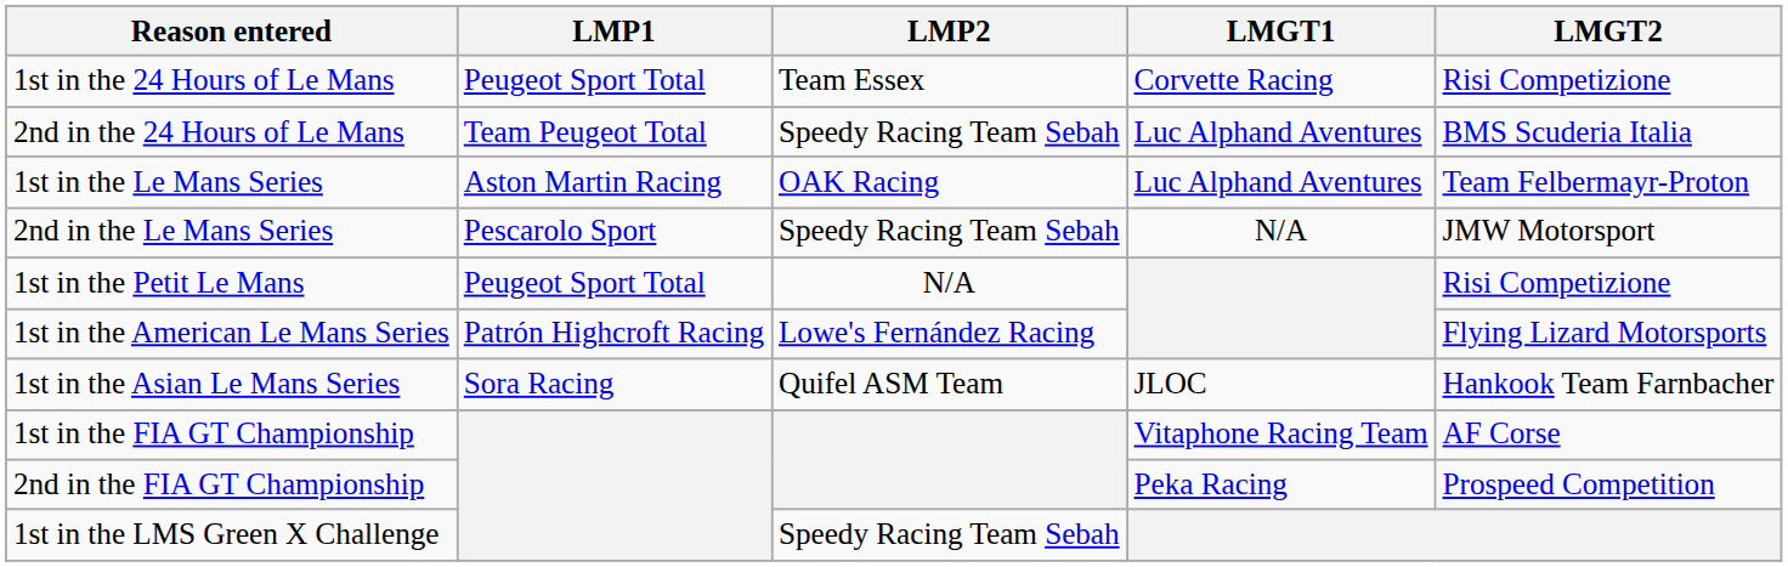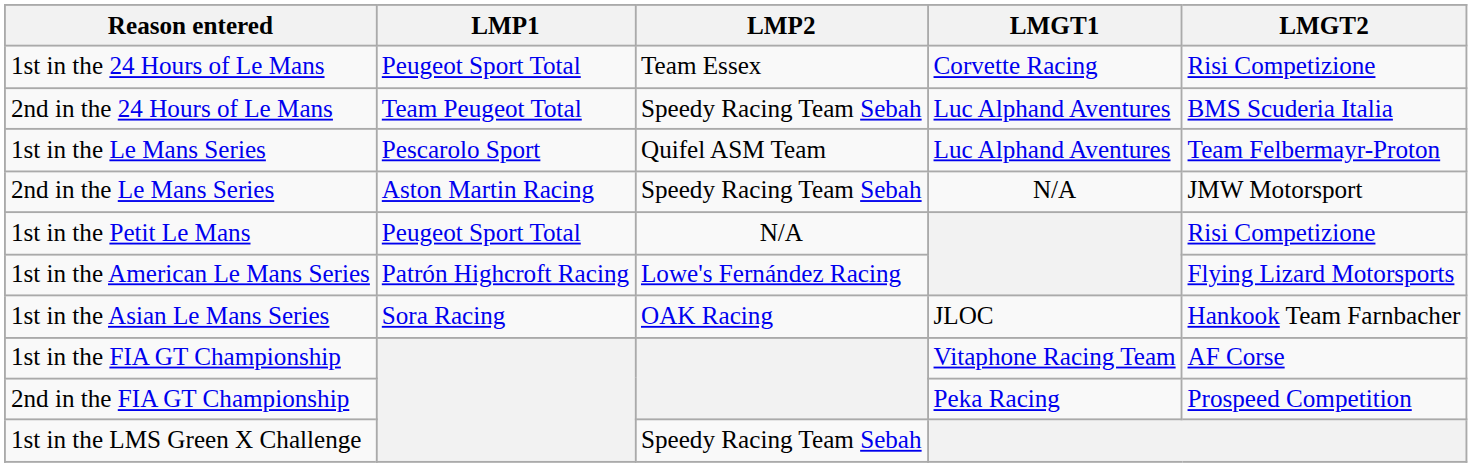 <table class="wikitable" style="font-size: 85%;">
 <tr>
 <th scope="col">Reason entered</th>
 <th scope="col">LMP1</th>
 <th scope="col">LMP2</th>
 <th scope="col">LMGT1</th>
 <th scope="col">LMGT2</th>
 </tr>
 <tr>
 <td>1st in the <a href='#'>24 Hours of Le Mans</a></td>
 <td> <a href='#'>Peugeot Sport Total</a></td>
 <td> Team Essex</td>
 <td> <a href='#'>Corvette Racing</a></td>
 <td> <a href='#'>Risi Competizione</a></td>
 </tr>
 <tr>
 <td>2nd in the <a href='#'>24 Hours of Le Mans</a></td>
 <td> <a href='#'>Team Peugeot Total</a></td>
 <td> Speedy Racing Team <a href='#'>Sebah</a></td>
 <td> <a href='#'>Luc Alphand Aventures</a></td>
 <td> <a href='#'>BMS Scuderia Italia</a></td>
 </tr>
 <tr>
 <td>1st in the <a href='#'>Le Mans Series</a></td>
-<td> <a href='#'>Aston Martin Racing</a></td>
-<td> <a href='#'>OAK Racing</a></td>
+<td> <a href='#'>Pescarolo Sport</a></td>
+<td> Quifel ASM Team</td>
 <td> <a href='#'>Luc Alphand Aventures</a></td>
 <td> <a href='#'>Team Felbermayr-Proton</a></td>
 </tr>
 <tr>
 <td>2nd in the <a href='#'>Le Mans Series</a></td>
-<td> <a href='#'>Pescarolo Sport</a></td>
+<td> <a href='#'>Aston Martin Racing</a></td>
 <td> Speedy Racing Team <a href='#'>Sebah</a></td>
 <td align=center>N/A</td>
 <td> JMW Motorsport</td>
 </tr>
 <tr>
 <td>1st in the <a href='#'>Petit Le Mans</a></td>
 <td> <a href='#'>Peugeot Sport Total</a></td>
 <td align=center>N/A</td>
 <th rowspan="2"></th>
 <td> <a href='#'>Risi Competizione</a></td>
 </tr>
 <tr>
 <td>1st in the <a href='#'>American Le Mans Series</a></td>
 <td> <a href='#'>Patrón Highcroft Racing</a></td>
 <td> <a href='#'>Lowe's Fernández Racing</a></td>
 <td> <a href='#'>Flying Lizard Motorsports</a></td>
 </tr>
 <tr>
 <td>1st in the <a href='#'>Asian Le Mans Series</a></td>
 <td> <a href='#'>Sora Racing</a></td>
-<td> Quifel ASM Team</td>
+<td> <a href='#'>OAK Racing</a></td>
 <td> JLOC</td>
 <td> <a href='#'>Hankook</a> Team Farnbacher</td>
 </tr>
 <tr>
 <td>1st in the <a href='#'>FIA GT Championship</a></td>
 <th rowspan="3"></th>
 <th rowspan="2"></th>
 <td> <a href='#'>Vitaphone Racing Team</a></td>
 <td> <a href='#'>AF Corse</a></td>
 </tr>
 <tr>
 <td>2nd in the <a href='#'>FIA GT Championship</a></td>
 <td> <a href='#'>Peka Racing</a></td>
 <td> <a href='#'>Prospeed Competition</a></td>
 </tr>
 <tr>
 <td>1st in the LMS Green X Challenge</td>
 <td> Speedy Racing Team <a href='#'>Sebah</a></td>
 <th colspan="2"></th>
 </tr>
 </table>
